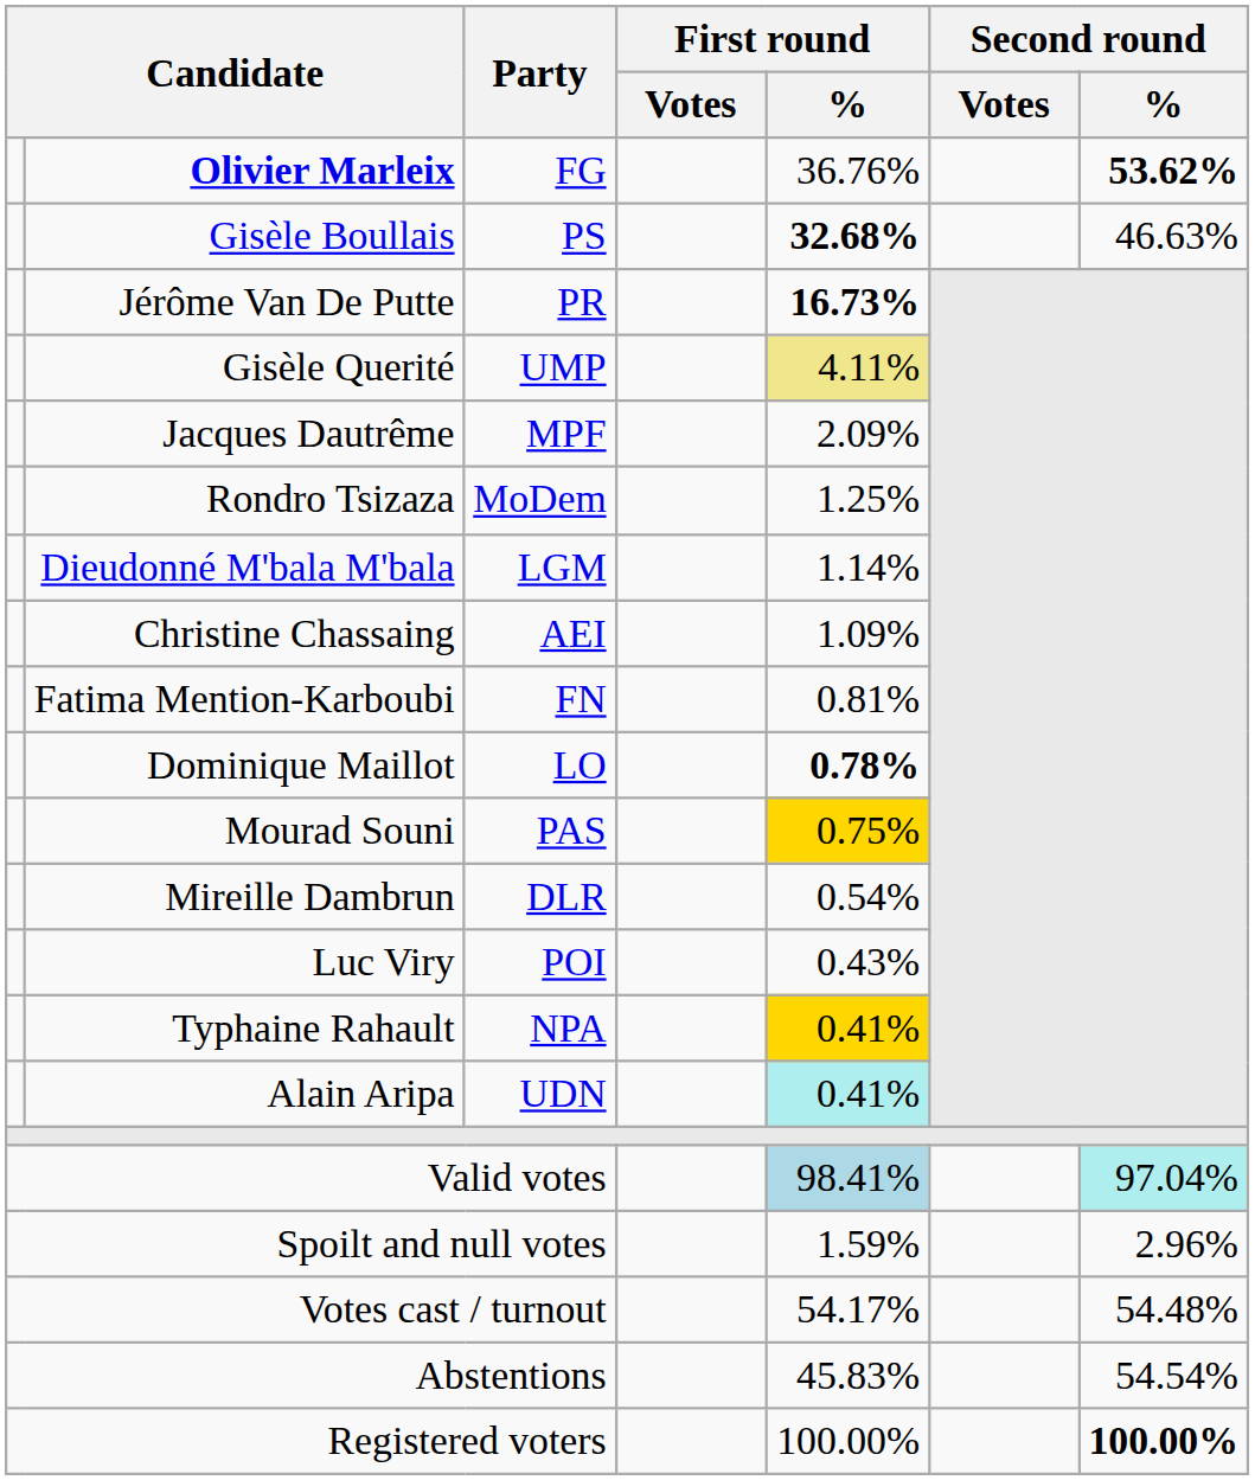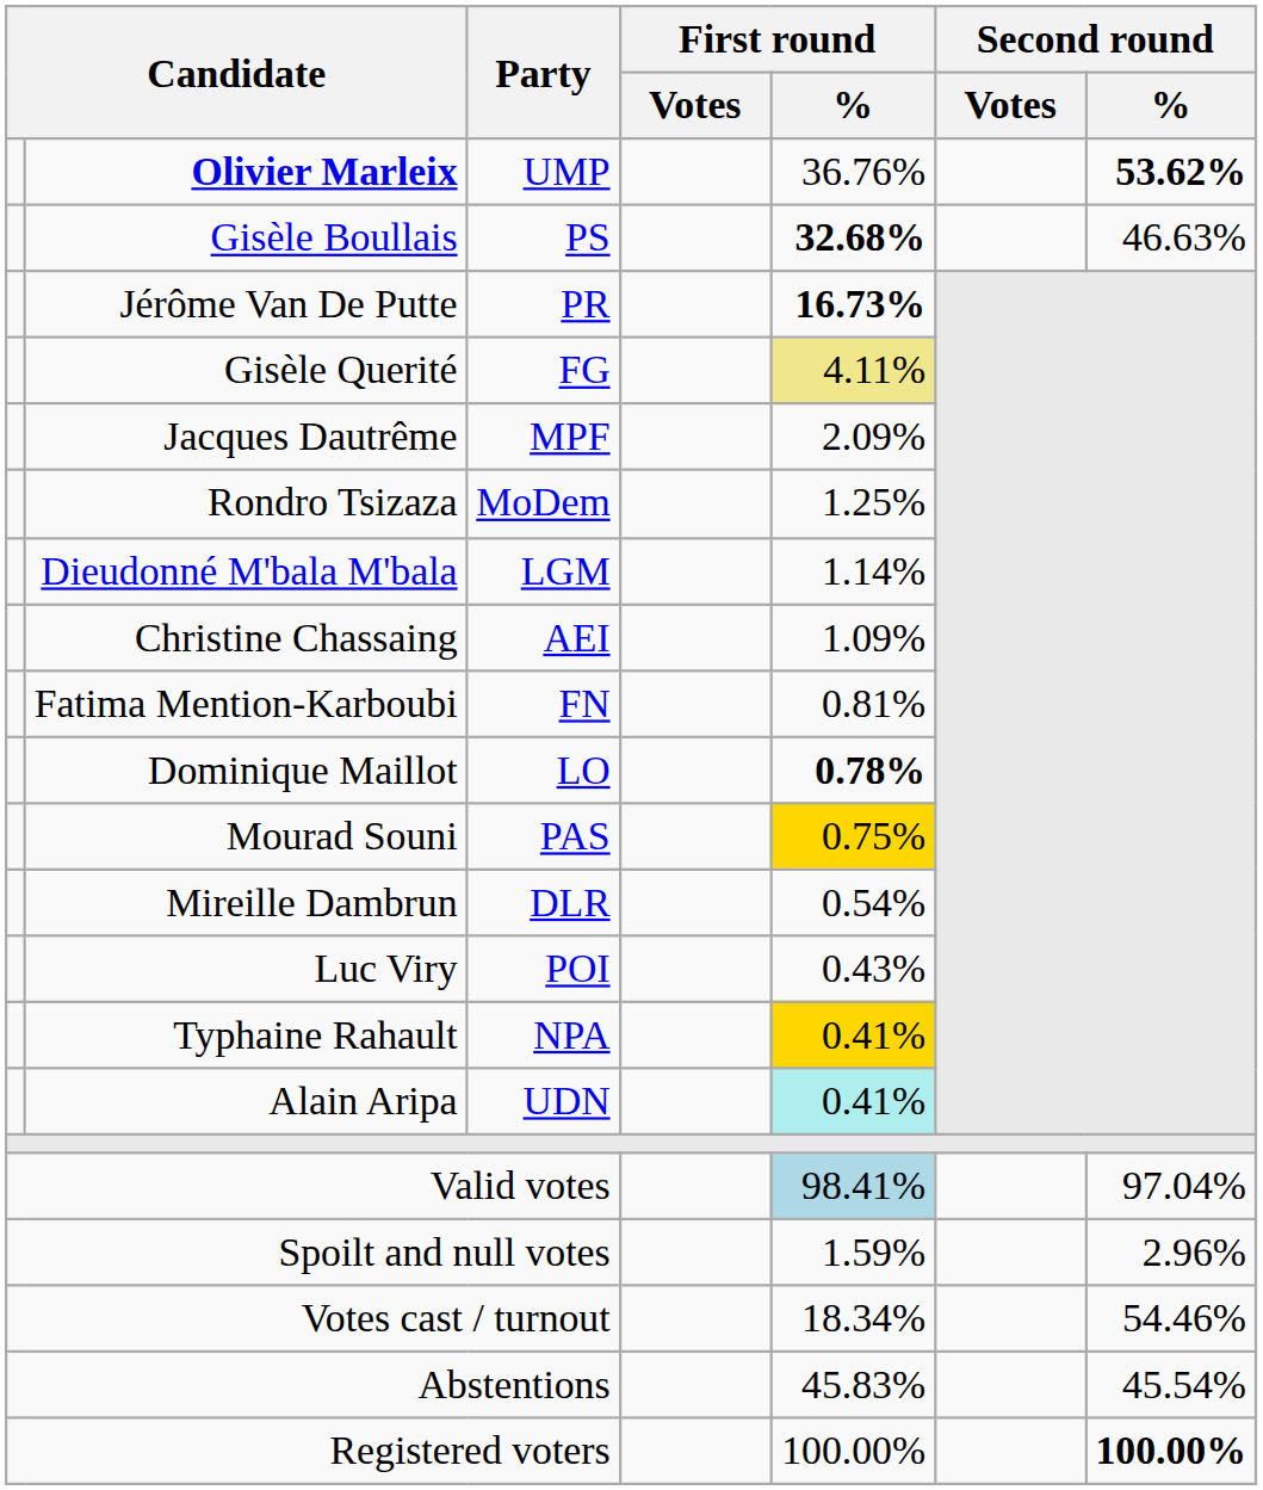 <table class="wikitable" style="text-align:right;font-size:95%;">
 <tr>
 <th rowspan=2 colspan=2>Candidate</th>
 <th rowspan=2 colspan=1>Party</th>
 <th colspan=2>First round</th>
 <th colspan=2>Second round</th>
 </tr>
 <tr>
 <th style="width:50px;">Votes</th>
 <th style="width:55px;">%</th>
 <th style="width:50px;">Votes</th>
 <th style="width:55px;">%</th>
 </tr>
 <tr>
 <td style="color:inherit;background-color:"></td>
 <td><strong><a href='#'>Olivier Marleix</a></strong></td>
-<td><a href='#'>FG</a></td>
+<td><a href='#'>UMP</a></td>
 <td></td>
 <td>36.76%</td>
 <td><strong></strong></td>
 <td><strong>53.62%</strong></td>
 </tr>
 <tr>
 <td style="color:inherit;background-color:"></td>
 <td><a href='#'>Gisèle Boullais</a></td>
 <td><a href='#'>PS</a></td>
 <td></td>
 <td><strong>32.68%</strong></td>
 <td></td>
 <td>46.63%</td>
 </tr>
 <tr>
 <td style="color:inherit;background-color:"></td>
 <td>Jérôme Van De Putte</td>
 <td><a href='#'>PR</a></td>
 <td></td>
 <td><strong>16.73%</strong></td>
 <td colspan=7 rowspan=13 style="background-color:#E9E9E9;"></td>
 </tr>
 <tr>
 <td style="color:inherit;background-color:"></td>
 <td>Gisèle Querité</td>
-<td><a href='#'>UMP</a></td>
+<td><a href='#'>FG</a></td>
 <td></td>
 <td style="background: khaki;">4.11%</td>
 </tr>
 <tr>
 <td style="color:inherit;background-color:"></td>
 <td>Jacques Dautrême</td>
 <td><a href='#'>MPF</a></td>
 <td></td>
 <td>2.09%</td>
 </tr>
 <tr>
 <td style="color:inherit;background-color:"></td>
 <td>Rondro Tsizaza</td>
 <td><a href='#'>MoDem</a></td>
 <td></td>
 <td>1.25%</td>
 </tr>
 <tr>
 <td style="background-color:;"></td>
 <td><a href='#'>Dieudonné M'bala M'bala</a></td>
 <td><a href='#'>LGM</a></td>
 <td></td>
 <td>1.14%</td>
 </tr>
 <tr>
 <td style="color:inherit;background-color:"></td>
 <td>Christine Chassaing</td>
 <td><a href='#'>AEI</a></td>
 <td></td>
 <td>1.09%</td>
 </tr>
 <tr>
 <td style="color:inherit;background-color:"></td>
 <td>Fatima Mention-Karboubi</td>
 <td><a href='#'>FN</a></td>
 <td></td>
 <td>0.81%</td>
 </tr>
 <tr>
 <td style="color:inherit;background-color:"></td>
 <td>Dominique Maillot</td>
 <td><a href='#'>LO</a></td>
 <td></td>
 <td><strong>0.78%</strong></td>
 </tr>
 <tr>
 <td style="color:inherit;background-color:"></td>
 <td>Mourad Souni</td>
 <td><a href='#'>PAS</a></td>
 <td></td>
 <td style="background: gold;">0.75%</td>
 </tr>
 <tr>
 <td style="color:inherit;background-color:"></td>
 <td>Mireille Dambrun</td>
 <td><a href='#'>DLR</a></td>
 <td></td>
 <td>0.54%</td>
 </tr>
 <tr>
 <td style="color:inherit;background-color:"></td>
 <td>Luc Viry</td>
 <td><a href='#'>POI</a></td>
 <td></td>
 <td>0.43%</td>
 </tr>
 <tr>
 <td style="color:inherit;background-color:"></td>
 <td>Typhaine Rahault</td>
 <td><a href='#'>NPA</a></td>
 <td></td>
 <td style="background: gold;">0.41%</td>
 </tr>
 <tr>
 <td style="color:inherit;background-color:"></td>
 <td>Alain Aripa</td>
 <td><a href='#'>UDN</a></td>
 <td></td>
 <td style="background: paleturquoise;">0.41%</td>
 </tr>
 <tr>
 <td colspan=7 style="background-color:#E9E9E9;"></td>
 </tr>
 <tr>
 <td colspan=3>Valid votes</td>
 <td></td>
 <td style="background: lightblue;">98.41%</td>
 <td></td>
-<td style="background: paleturquoise;">97.04%</td>
+<td>97.04%</td>
 </tr>
 <tr>
 <td colspan=3>Spoilt and null votes</td>
 <td></td>
 <td>1.59%</td>
 <td></td>
 <td>2.96%</td>
 </tr>
 <tr>
 <td colspan=3>Votes cast / turnout</td>
 <td></td>
-<td>54.17%</td>
+<td>18.34%</td>
 <td></td>
-<td>54.48%</td>
+<td>54.46%</td>
 </tr>
 <tr>
 <td colspan=3>Abstentions</td>
 <td></td>
 <td>45.83%</td>
 <td></td>
-<td>54.54%</td>
+<td>45.54%</td>
 </tr>
 <tr>
 <td colspan=3>Registered voters</td>
 <td></td>
 <td>100.00%</td>
 <td></td>
 <td><strong>100.00%</strong></td>
 </tr>
 </table>
